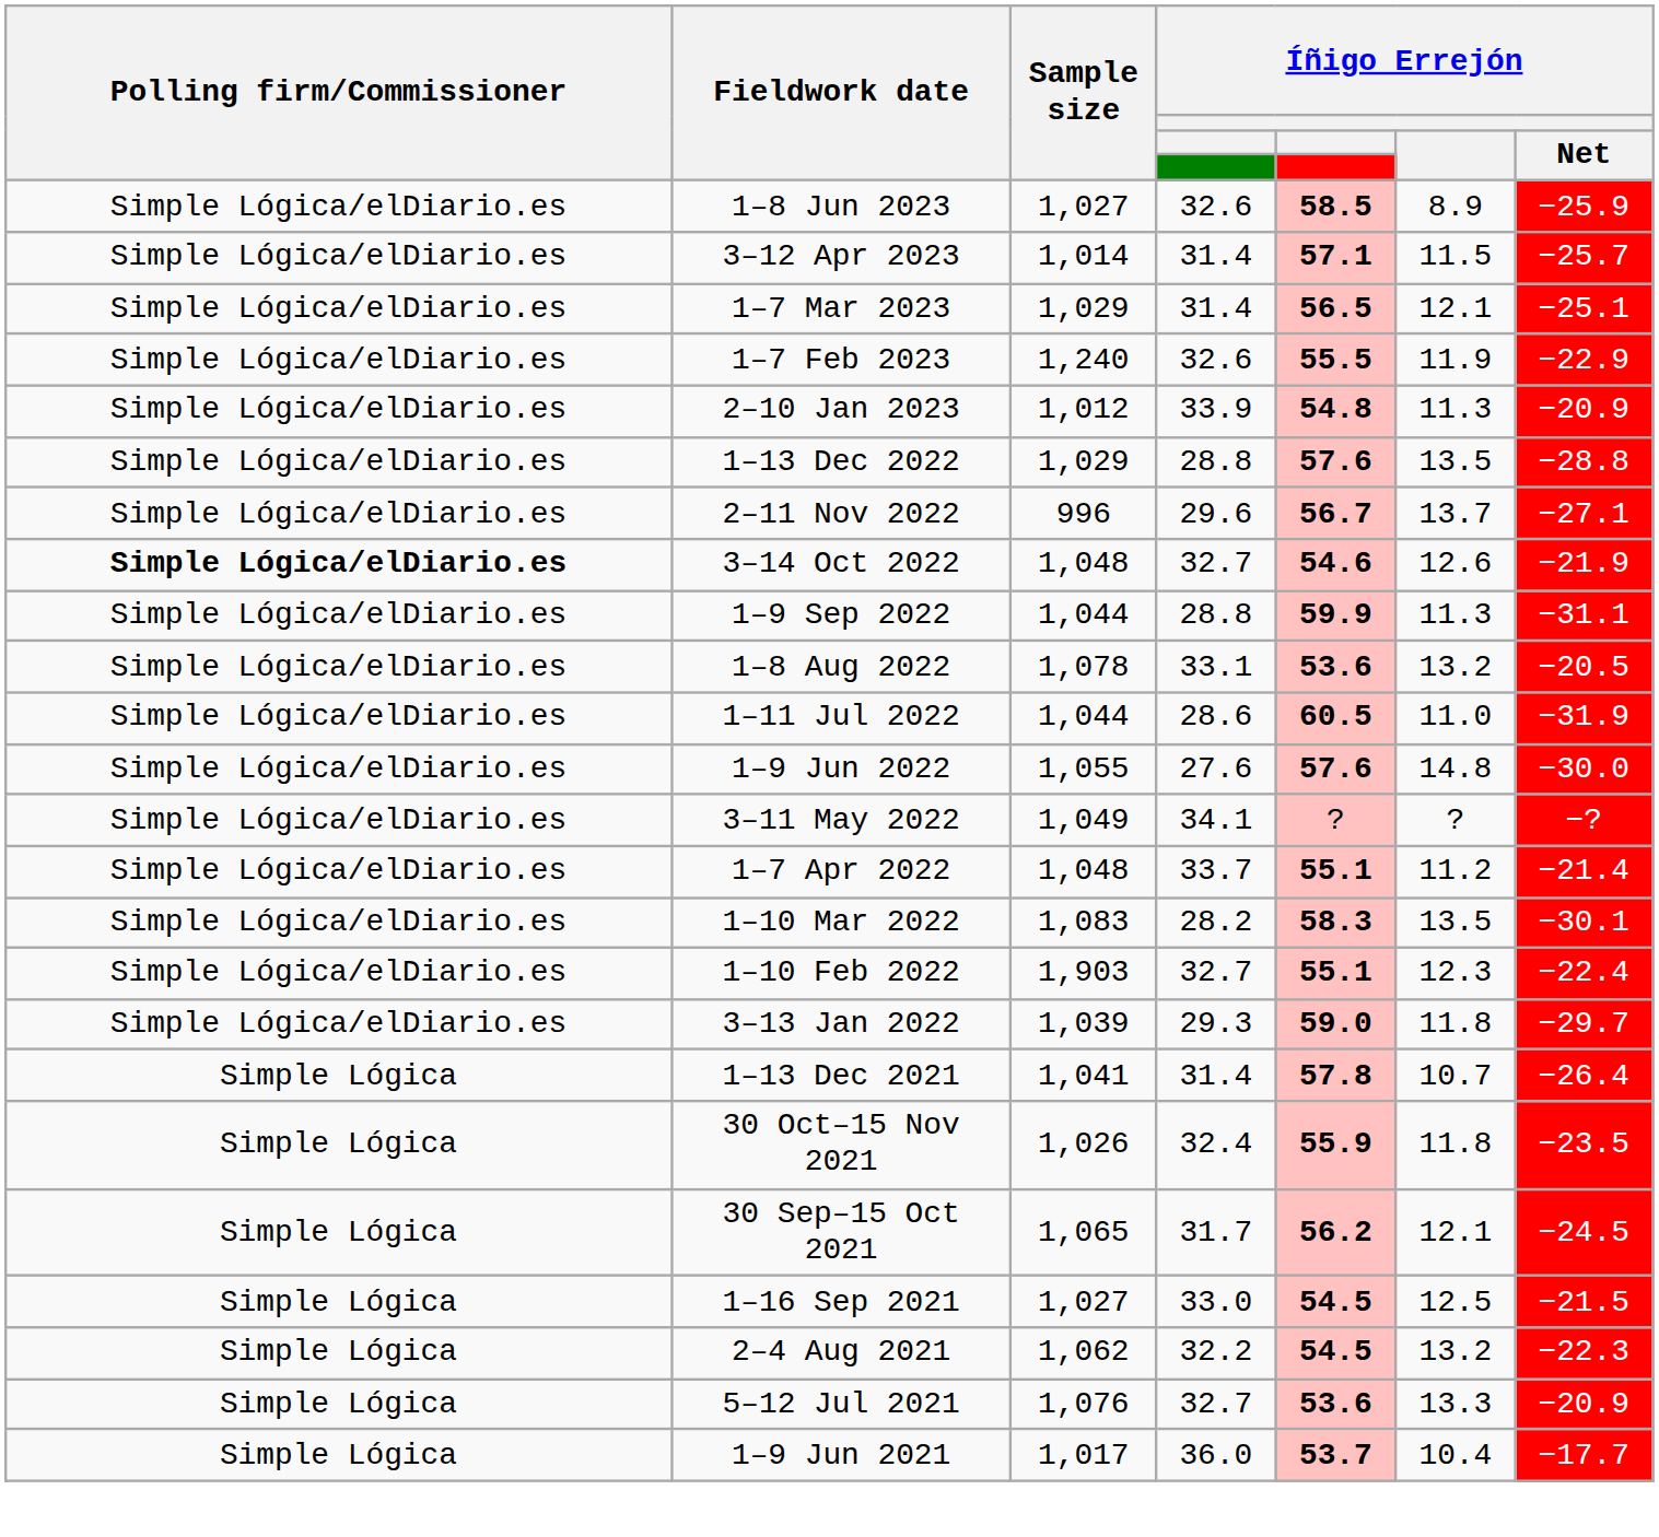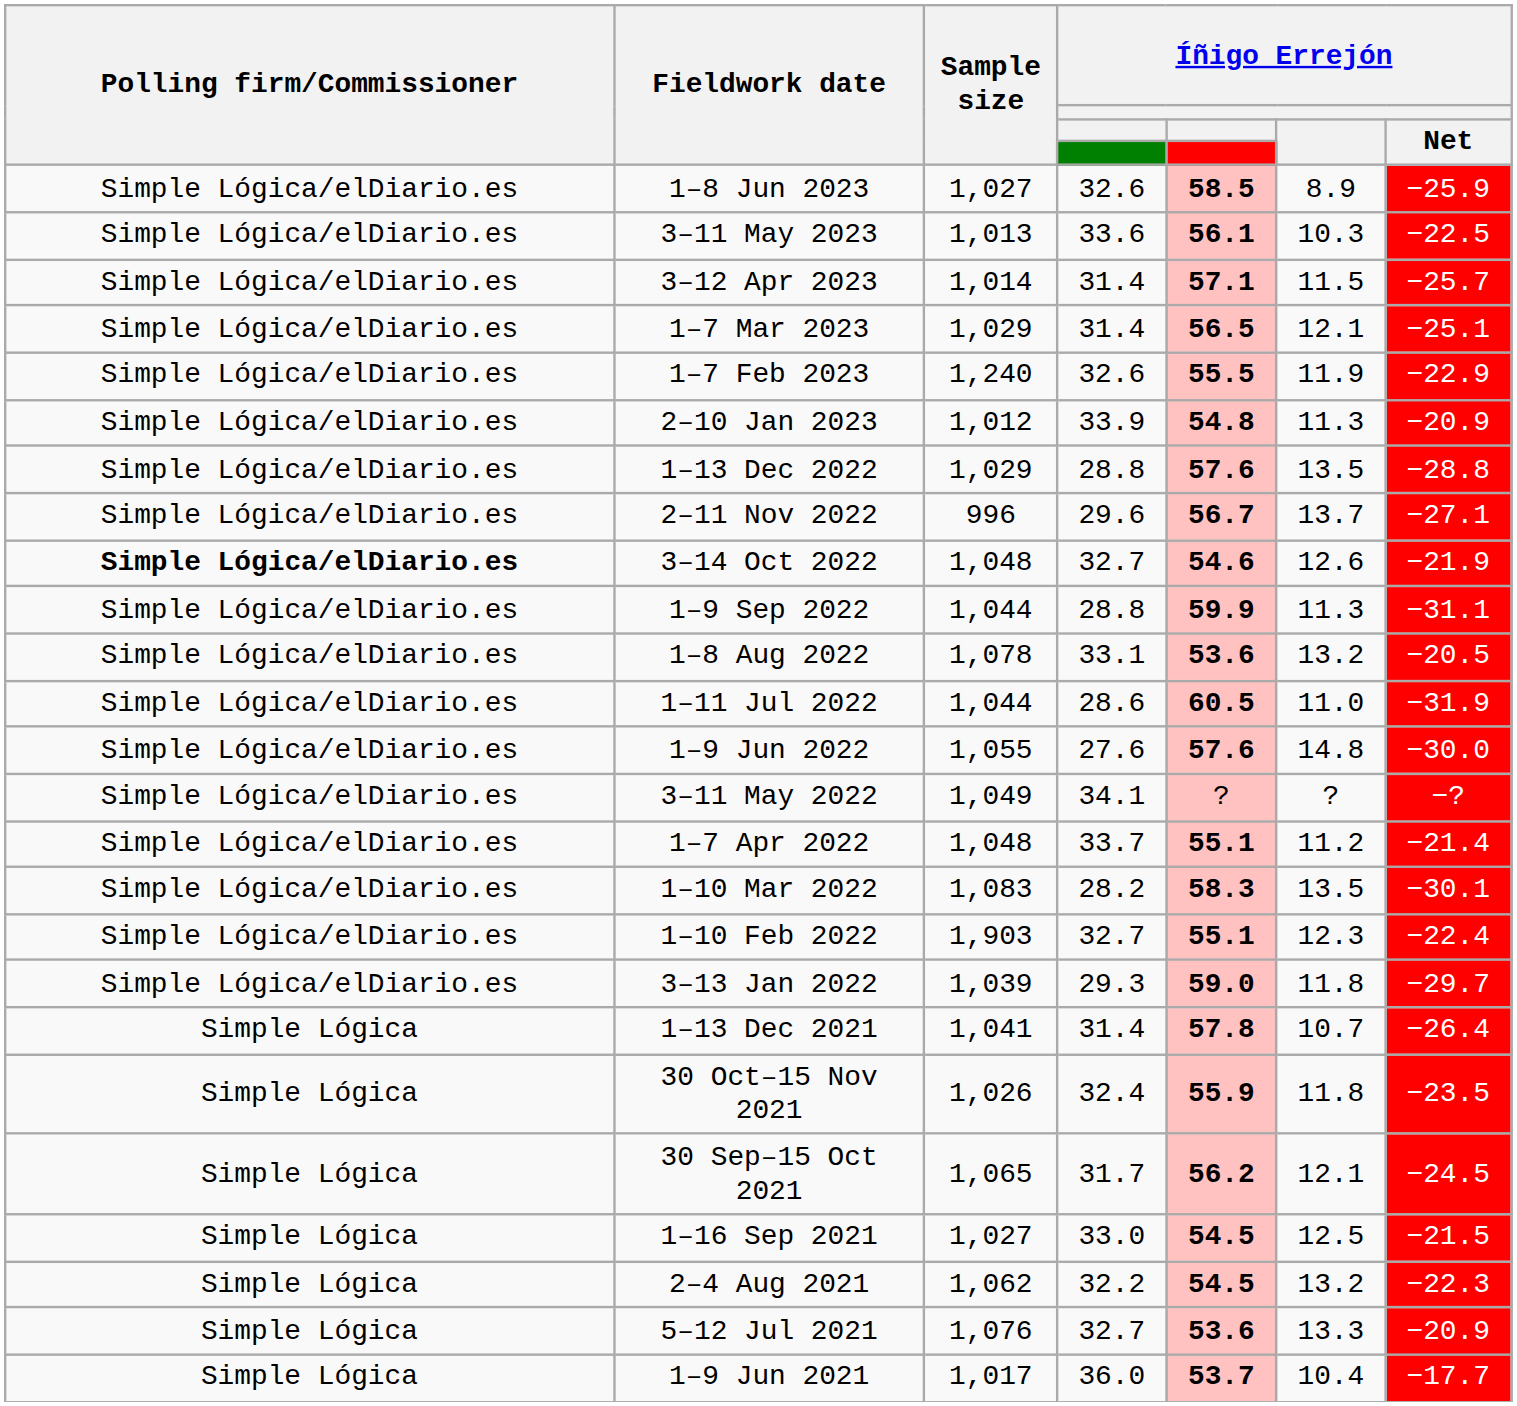 <table class="wikitable collapsible collapsed" style="text-align:center; font-size:90%; line-height:14px;">
 <tr style="height:42px;">
 <th style="width:250px;" rowspan="4">Polling firm/Commissioner</th>
 <th style="width:125px;" rowspan="4">Fieldwork date</th>
 <th style="width:50px;" rowspan="4">Sample size</th>
 <th style="width:185px;" colspan="4"><a href='#'>Íñigo Errejón</a><br></th>
 </tr>
 <tr>
 <th colspan="4" style="background:"></th>
 </tr>
 <tr>
 <th style="width:30px;"></th>
 <th style="width:30px;"></th>
 <th style="width:30px;" rowspan="2"></th>
 <th style="width:30px;" rowspan="2">Net</th>
 </tr>
 <tr>
 <th style="color:inherit;background:#008000;"></th>
 <th style="color:inherit;background:#FF0000;"></th>
 </tr>
 <tr>
 <td>Simple Lógica/elDiario.es</td>
 <td>1–8 Jun 2023</td>
 <td>1,027</td>
 <td>32.6</td>
 <td style="background:#FFC2C1;"><strong>58.5</strong></td>
 <td>8.9</td>
 <td style="background:#FF0000; color:white;">−25.9</td>
+</tr>
+<tr>
+<td>Simple Lógica/elDiario.es</td>
+<td>3–11 May 2023</td>
+<td>1,013</td>
+<td>33.6</td>
+<td style="background:#FFC2C1;"><strong>56.1</strong></td>
+<td>10.3</td>
+<td style="background:#FF0000; color:white;">−22.5</td>
 </tr>
 <tr>
 <td>Simple Lógica/elDiario.es</td>
 <td>3–12 Apr 2023</td>
 <td>1,014</td>
 <td>31.4</td>
 <td style="background:#FFC2C1;"><strong>57.1</strong></td>
 <td>11.5</td>
 <td style="background:#FF0000; color:white;">−25.7</td>
 </tr>
 <tr>
 <td>Simple Lógica/elDiario.es</td>
 <td>1–7 Mar 2023</td>
 <td>1,029</td>
 <td>31.4</td>
 <td style="background:#FFC2C1;"><strong>56.5</strong></td>
 <td>12.1</td>
 <td style="background:#FF0000; color:white;">−25.1</td>
 </tr>
 <tr>
 <td>Simple Lógica/elDiario.es</td>
 <td>1–7 Feb 2023</td>
 <td>1,240</td>
 <td>32.6</td>
 <td style="background:#FFC2C1;"><strong>55.5</strong></td>
 <td>11.9</td>
 <td style="background:#FF0000; color:white;">−22.9</td>
 </tr>
 <tr>
 <td>Simple Lógica/elDiario.es</td>
 <td>2–10 Jan 2023</td>
 <td>1,012</td>
 <td>33.9</td>
 <td style="background:#FFC2C1;"><strong>54.8</strong></td>
 <td>11.3</td>
 <td style="background:#FF0000; color:white;">−20.9</td>
 </tr>
 <tr>
 <td>Simple Lógica/elDiario.es</td>
 <td>1–13 Dec 2022</td>
 <td>1,029</td>
 <td>28.8</td>
 <td style="background:#FFC2C1;"><strong>57.6</strong></td>
 <td>13.5</td>
 <td style="background:#FF0000; color:white;">−28.8</td>
 </tr>
 <tr>
 <td>Simple Lógica/elDiario.es</td>
 <td>2–11 Nov 2022</td>
 <td>996</td>
 <td>29.6</td>
 <td style="background:#FFC2C1;"><strong>56.7</strong></td>
 <td>13.7</td>
 <td style="background:#FF0000; color:white;">−27.1</td>
 </tr>
 <tr>
 <td><strong>Simple Lógica/elDiario.es</strong></td>
 <td>3–14 Oct 2022</td>
 <td>1,048</td>
 <td>32.7</td>
 <td style="background:#FFC2C1;"><strong>54.6</strong></td>
 <td>12.6</td>
 <td style="background:#FF0000; color:white;">−21.9</td>
 </tr>
 <tr>
 <td>Simple Lógica/elDiario.es</td>
 <td>1–9 Sep 2022</td>
 <td>1,044</td>
 <td>28.8</td>
 <td style="background:#FFC2C1;"><strong>59.9</strong></td>
 <td>11.3</td>
 <td style="background:#FF0000; color:white;">−31.1</td>
 </tr>
 <tr>
 <td>Simple Lógica/elDiario.es</td>
 <td>1–8 Aug 2022</td>
 <td>1,078</td>
 <td>33.1</td>
 <td style="background:#FFC2C1;"><strong>53.6</strong></td>
 <td>13.2</td>
 <td style="background:#FF0000; color:white;">−20.5</td>
 </tr>
 <tr>
 <td>Simple Lógica/elDiario.es</td>
 <td>1–11 Jul 2022</td>
 <td>1,044</td>
 <td>28.6</td>
 <td style="background:#FFC2C1;"><strong>60.5</strong></td>
 <td>11.0</td>
 <td style="background:#FF0000; color:white;">−31.9</td>
 </tr>
 <tr>
 <td>Simple Lógica/elDiario.es</td>
 <td>1–9 Jun 2022</td>
 <td>1,055</td>
 <td>27.6</td>
 <td style="background:#FFC2C1;"><strong>57.6</strong></td>
 <td>14.8</td>
 <td style="background:#FF0000; color:white;">−30.0</td>
 </tr>
 <tr>
 <td>Simple Lógica/elDiario.es</td>
 <td>3–11 May 2022</td>
 <td>1,049</td>
 <td>34.1</td>
 <td style="background:#FFC2C1;">?</td>
 <td>?</td>
 <td style="background:#FF0000; color:white;">−?</td>
 </tr>
 <tr>
 <td>Simple Lógica/elDiario.es</td>
 <td>1–7 Apr 2022</td>
 <td>1,048</td>
 <td>33.7</td>
 <td style="background:#FFC2C1;"><strong>55.1</strong></td>
 <td>11.2</td>
 <td style="background:#FF0000; color:white;">−21.4</td>
 </tr>
 <tr>
 <td>Simple Lógica/elDiario.es</td>
 <td>1–10 Mar 2022</td>
 <td>1,083</td>
 <td>28.2</td>
 <td style="background:#FFC2C1;"><strong>58.3</strong></td>
 <td>13.5</td>
 <td style="background:#FF0000; color:white;">−30.1</td>
 </tr>
 <tr>
 <td>Simple Lógica/elDiario.es</td>
 <td>1–10 Feb 2022</td>
 <td>1,903</td>
 <td>32.7</td>
 <td style="background:#FFC2C1;"><strong>55.1</strong></td>
 <td>12.3</td>
 <td style="background:#FF0000; color:white;">−22.4</td>
 </tr>
 <tr>
 <td>Simple Lógica/elDiario.es</td>
 <td>3–13 Jan 2022</td>
 <td>1,039</td>
 <td>29.3</td>
 <td style="background:#FFC2C1;"><strong>59.0</strong></td>
 <td>11.8</td>
 <td style="background:#FF0000; color:white;">−29.7</td>
 </tr>
 <tr>
 <td>Simple Lógica</td>
 <td>1–13 Dec 2021</td>
 <td>1,041</td>
 <td>31.4</td>
 <td style="background:#FFC2C1;"><strong>57.8</strong></td>
 <td>10.7</td>
 <td style="background:#FF0000; color:white;">−26.4</td>
 </tr>
 <tr>
 <td>Simple Lógica</td>
 <td>30 Oct–15 Nov 2021</td>
 <td>1,026</td>
 <td>32.4</td>
 <td style="background:#FFC2C1;"><strong>55.9</strong></td>
 <td>11.8</td>
 <td style="background:#FF0000; color:white;">−23.5</td>
 </tr>
 <tr>
 <td>Simple Lógica</td>
 <td>30 Sep–15 Oct 2021</td>
 <td>1,065</td>
 <td>31.7</td>
 <td style="background:#FFC2C1;"><strong>56.2</strong></td>
 <td>12.1</td>
 <td style="background:#FF0000; color:white;">−24.5</td>
 </tr>
 <tr>
 <td>Simple Lógica</td>
 <td>1–16 Sep 2021</td>
 <td>1,027</td>
 <td>33.0</td>
 <td style="background:#FFC2C1;"><strong>54.5</strong></td>
 <td>12.5</td>
 <td style="background:#FF0000; color:white;">−21.5</td>
 </tr>
 <tr>
 <td>Simple Lógica</td>
 <td>2–4 Aug 2021</td>
 <td>1,062</td>
 <td>32.2</td>
 <td style="background:#FFC2C1;"><strong>54.5</strong></td>
 <td>13.2</td>
 <td style="background:#FF0000; color:white;">−22.3</td>
 </tr>
 <tr>
 <td>Simple Lógica</td>
 <td>5–12 Jul 2021</td>
 <td>1,076</td>
 <td>32.7</td>
 <td style="background:#FFC2C1;"><strong>53.6</strong></td>
 <td>13.3</td>
 <td style="background:#FF0000; color:white;">−20.9</td>
 </tr>
 <tr>
 <td>Simple Lógica</td>
 <td>1–9 Jun 2021</td>
 <td>1,017</td>
 <td>36.0</td>
 <td style="background:#FFC2C1;"><strong>53.7</strong></td>
 <td>10.4</td>
 <td style="background:#FF0000; color:white;">−17.7</td>
 </tr>
 </table>
